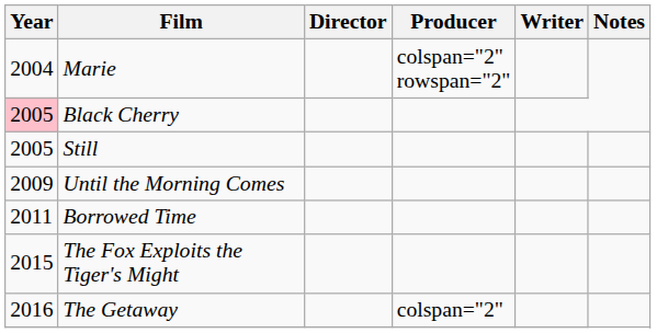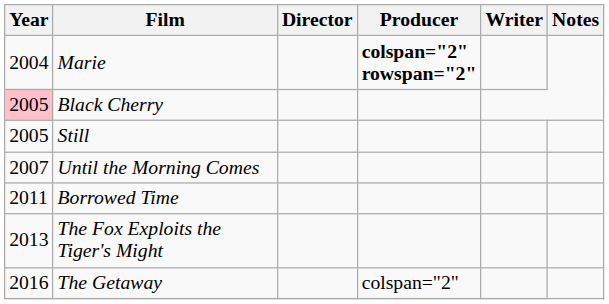 <table class="wikitable sortable">
 <tr>
 <th style="width:30px;">Year</th>
 <th style="width:175px;">Film</th>
 <th style="width:30px;">Director</th>
 <th style="width:30px;">Producer</th>
 <th style="width:30px;">Writer</th>
 <th>Notes</th>
 </tr>
 <tr>
 <td>2004</td>
 <td><em>Marie</em></td>
 <td></td>
-<td>colspan="2" rowspan="2" </td>
+<td><strong>colspan="2" rowspan="2" </strong></td>
 <td></td>
 </tr>
 <tr>
 <td style="background: pink;">2005</td>
 <td><em>Black Cherry</em></td>
 <td></td>
 <td></td>
 </tr>
 <tr>
 <td>2005</td>
 <td><em>Still</em></td>
 <td></td>
 <td></td>
 <td></td>
 <td></td>
 </tr>
 <tr>
-<td>2009</td>
+<td>2007</td>
 <td><em>Until the Morning Comes</em></td>
 <td></td>
 <td></td>
 <td></td>
 <td></td>
 </tr>
 <tr>
 <td>2011</td>
 <td><em>Borrowed Time</em></td>
 <td></td>
 <td></td>
 <td></td>
 <td></td>
 </tr>
 <tr>
-<td>2015</td>
+<td>2013</td>
 <td><em>The Fox Exploits the Tiger's Might</em></td>
 <td></td>
 <td></td>
 <td></td>
 <td></td>
 </tr>
 <tr>
 <td>2016</td>
 <td><em>The Getaway</em></td>
 <td></td>
 <td>colspan="2" </td>
 <td></td>
 </tr>
 <tr>
 </tr>
 </table>
